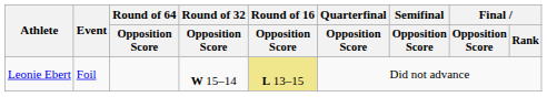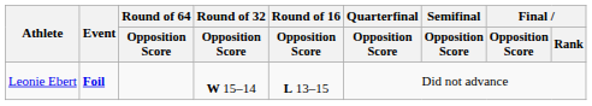 <table class="wikitable" style="font-size:90%">
 <tr>
 <th rowspan=2>Athlete</th>
 <th rowspan=2>Event</th>
 <th>Round of 64</th>
 <th>Round of 32</th>
 <th>Round of 16</th>
 <th>Quarterfinal</th>
 <th>Semifinal</th>
 <th colspan=2>Final / </th>
 </tr>
 <tr style="font-size:95%">
 <th>Opposition<br>Score</th>
 <th>Opposition<br>Score</th>
 <th>Opposition<br>Score</th>
 <th>Opposition<br>Score</th>
 <th>Opposition<br>Score</th>
 <th>Opposition<br>Score</th>
 <th>Rank</th>
 </tr>
 <tr align=center>
 <td align=left><a href='#'>Leonie Ebert</a></td>
-<td align=left><a href='#'>Foil</a></td>
+<td align=left><strong><a href='#'>Foil</a></strong></td>
 <td></td>
 <td><br><strong>W</strong> 15–14</td>
-<td style="background: khaki;"><br><strong>L</strong> 13–15</td>
+<td><br><strong>L</strong> 13–15</td>
 <td colspan=4>Did not advance</td>
 </tr>
 </table>
